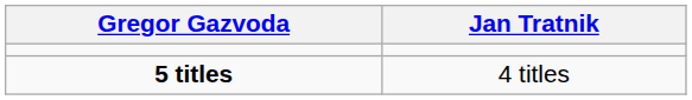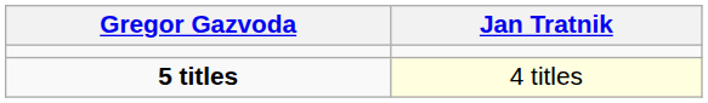 <table class="wikitable" style="text-align:center; width:50%; border:1px #AAAAFF solid">
 <tr>
 <th><a href='#'>Gregor Gazvoda</a></th>
 <th><a href='#'>Jan Tratnik</a></th>
 </tr>
 <tr>
 <td width=50></td>
 <td width=50></td>
 </tr>
 <tr>
 <td><strong>5 titles</strong></td>
-<td>4 titles</td>
+<td style="background: lightyellow;">4 titles</td>
 </tr>
 </table>
